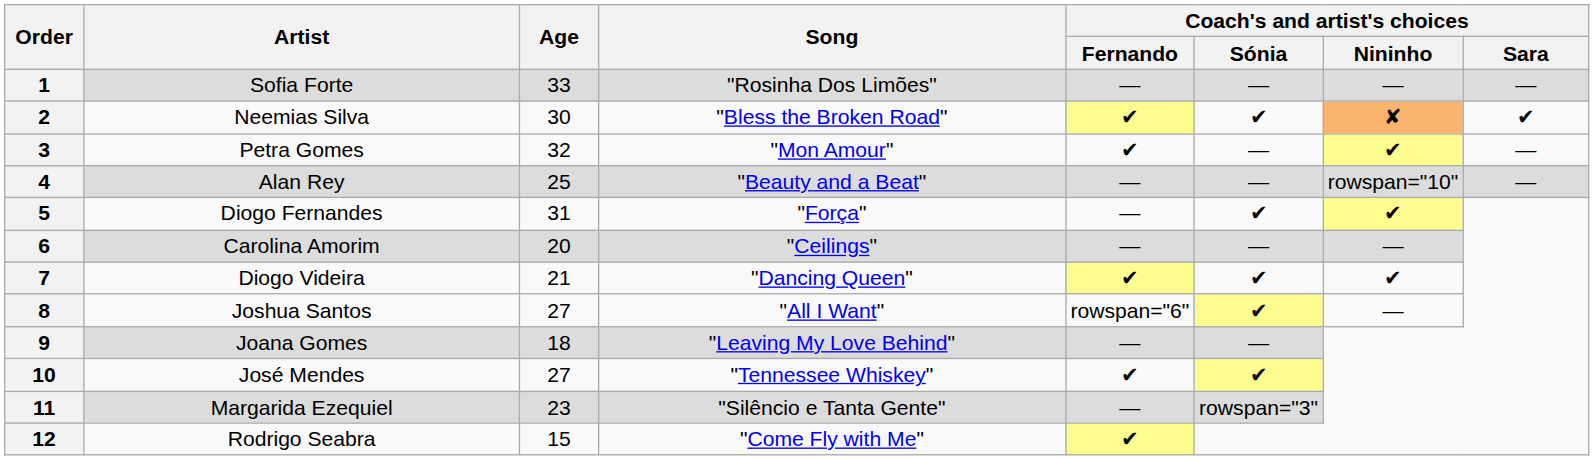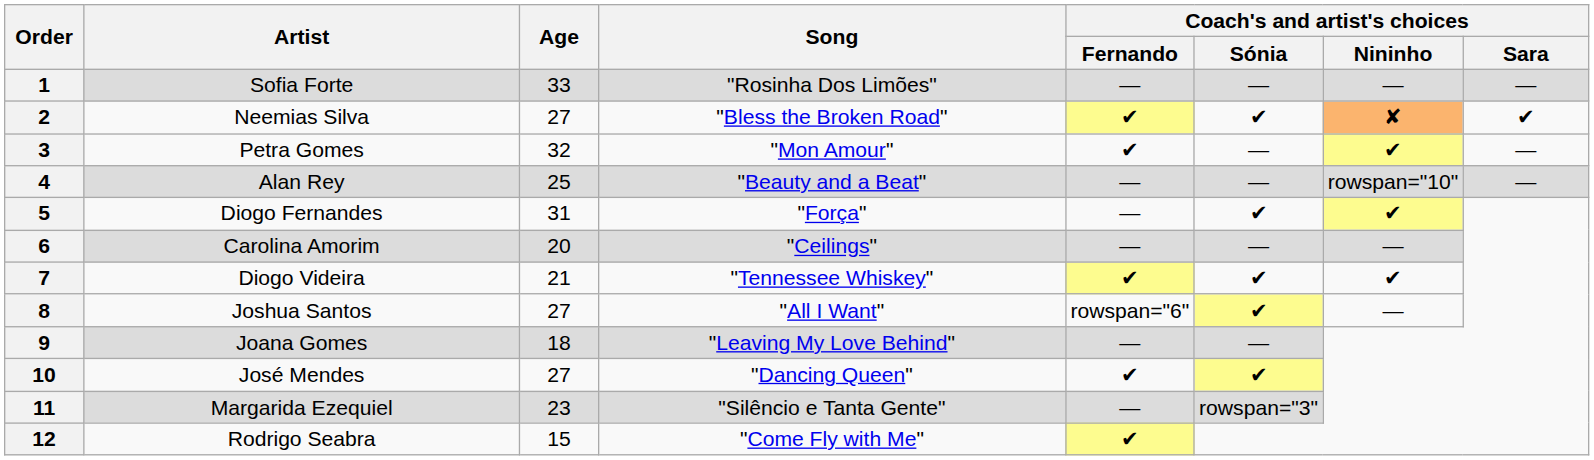 <table class="wikitable" style="text-align:center; line-height:17px; width:95%">
 <tr>
 <th rowspan="2" width="05%">Order</th>
 <th rowspan="2" width="28%">Artist</th>
 <th rowspan="2" width="05%">Age</th>
 <th rowspan="2" width="30%">Song</th>
 <th colspan="4">Coach's and artist's choices</th>
 </tr>
 <tr>
 <th width="08%">Fernando</th>
 <th width="08%">Sónia</th>
 <th width="08%">Nininho</th>
 <th width="08%">Sara</th>
 </tr>
 <tr bgcolor=#DCDCDC>
 <th>1</th>
 <td>Sofia Forte</td>
 <td>33</td>
 <td>"Rosinha Dos Limões"</td>
 <td>—</td>
 <td>—</td>
 <td>—</td>
 <td>—</td>
 </tr>
 <tr>
 <th>2</th>
 <td>Neemias Silva</td>
-<td>30</td>
+<td>27</td>
 <td>"<a href='#'>Bless the Broken Road</a>"</td>
 <td style="background:#fdfc8f">✔</td>
 <td>✔</td>
 <td style="background:#fbb46e">✘</td>
 <td>✔</td>
 </tr>
 <tr>
 <th>3</th>
 <td>Petra Gomes</td>
 <td>32</td>
 <td>"<a href='#'>Mon Amour</a>"</td>
 <td>✔</td>
 <td>—</td>
 <td style="background:#fdfc8f">✔</td>
 <td>—</td>
 </tr>
 <tr bgcolor=#DCDCDC>
 <th>4</th>
 <td>Alan Rey</td>
 <td>25</td>
 <td>"<a href='#'>Beauty and a Beat</a>"</td>
 <td>—</td>
 <td>—</td>
 <td>rowspan="10" </td>
 <td>—</td>
 </tr>
 <tr>
 <th>5</th>
 <td>Diogo Fernandes</td>
 <td>31</td>
 <td>"<a href='#'>Força</a>"</td>
 <td>—</td>
 <td>✔</td>
 <td style="background:#fdfc8f">✔</td>
 </tr>
 <tr bgcolor=#DCDCDC>
 <th>6</th>
 <td>Carolina Amorim</td>
 <td>20</td>
 <td>"<a href='#'>Ceilings</a>"</td>
 <td>—</td>
 <td>—</td>
 <td>—</td>
 </tr>
 <tr>
 <th>7</th>
 <td>Diogo Videira</td>
 <td>21</td>
-<td>"<a href='#'>Dancing Queen</a>"</td>
+<td>"<a href='#'>Tennessee Whiskey</a>"</td>
 <td style="background:#fdfc8f">✔</td>
 <td>✔</td>
 <td>✔</td>
 </tr>
 <tr>
 <th>8</th>
 <td>Joshua Santos</td>
 <td>27</td>
 <td>"<a href='#'>All I Want</a>"</td>
 <td>rowspan="6" </td>
 <td style="background:#fdfc8f">✔</td>
 <td>—</td>
 </tr>
 <tr bgcolor=#DCDCDC>
 <th>9</th>
 <td>Joana Gomes</td>
 <td>18</td>
 <td>"<a href='#'>Leaving My Love Behind</a>"</td>
 <td>—</td>
 <td>—</td>
 </tr>
 <tr>
 <th>10</th>
 <td>José Mendes</td>
 <td>27</td>
-<td>"<a href='#'>Tennessee Whiskey</a>"</td>
+<td>"<a href='#'>Dancing Queen</a>"</td>
 <td>✔</td>
 <td style="background:#fdfc8f">✔</td>
 </tr>
 <tr bgcolor=#DCDCDC>
 <th>11</th>
 <td>Margarida Ezequiel</td>
 <td>23</td>
 <td>"Silêncio e Tanta Gente"</td>
 <td>—</td>
 <td>rowspan="3" </td>
 </tr>
 <tr>
 <th>12</th>
 <td>Rodrigo Seabra</td>
 <td>15</td>
 <td>"<a href='#'>Come Fly with Me</a>"</td>
 <td style="background:#fdfc8f">✔</td>
 </tr>
 </table>
